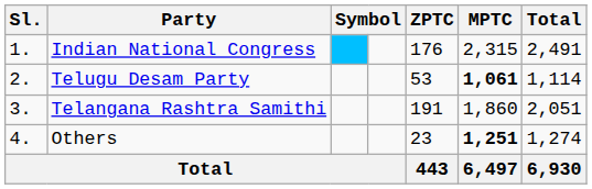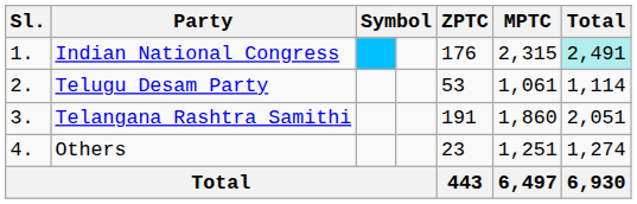 <table class="wikitable sortable">
 <tr>
 <th><strong>Sl.</strong></th>
 <th><strong>Party</strong></th>
 <th colspan="2"><strong>Symbol</strong></th>
 <th>ZPTC</th>
 <th>MPTC</th>
 <th>Total</th>
 </tr>
 <tr>
 <td>1.</td>
 <td><a href='#'>Indian National Congress</a></td>
 <td bgcolor="#00BFFF"></td>
 <td></td>
 <td>176</td>
 <td>2,315</td>
-<td>2,491</td>
+<td style="background: paleturquoise;">2,491</td>
 </tr>
 <tr>
 <td>2.</td>
 <td><a href='#'>Telugu Desam Party</a></td>
 <td></td>
 <td></td>
 <td>53</td>
-<td><strong>1,061</strong></td>
+<td>1,061</td>
 <td>1,114</td>
 </tr>
 <tr>
 <td>3.</td>
 <td><a href='#'>Telangana Rashtra Samithi</a></td>
 <td></td>
 <td></td>
 <td>191</td>
 <td>1,860</td>
 <td>2,051</td>
 </tr>
 <tr>
 <td>4.</td>
 <td>Others</td>
 <td></td>
 <td></td>
 <td>23</td>
-<td><strong>1,251</strong></td>
+<td>1,251</td>
 <td>1,274</td>
 </tr>
 <tr>
 <th colspan="4" align="center"><strong>Total</strong></th>
 <th>443</th>
 <th>6,497</th>
 <th>6,930</th>
 </tr>
 </table>
